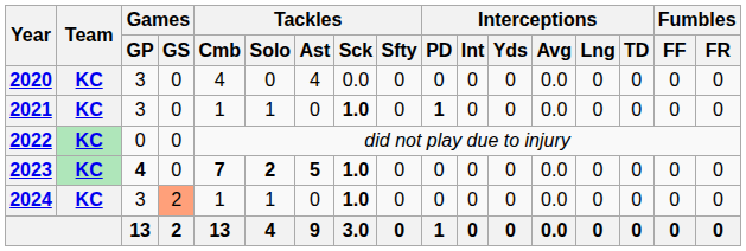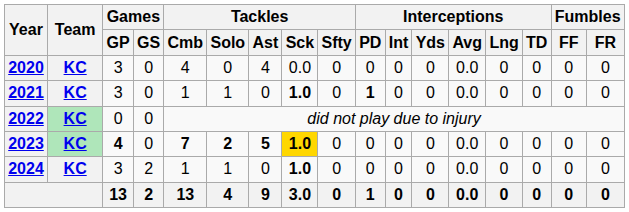 <table class="wikitable" style="text-align:center;">
 <tr>
 <th rowspan="2">Year</th>
 <th rowspan="2">Team</th>
 <th colspan="2">Games</th>
 <th colspan="5">Tackles</th>
 <th colspan="6">Interceptions</th>
 <th colspan="2">Fumbles</th>
 </tr>
 <tr>
 <th>GP</th>
 <th>GS</th>
 <th>Cmb</th>
 <th>Solo</th>
 <th>Ast</th>
 <th>Sck</th>
 <th>Sfty</th>
 <th>PD</th>
 <th>Int</th>
 <th>Yds</th>
 <th>Avg</th>
 <th>Lng</th>
 <th>TD</th>
 <th>FF</th>
 <th>FR</th>
 </tr>
 <tr>
 <th><a href='#'>2020</a></th>
 <th><a href='#'>KC</a></th>
 <td>3</td>
 <td>0</td>
 <td>4</td>
 <td>0</td>
 <td>4</td>
 <td>0.0</td>
 <td>0</td>
 <td>0</td>
 <td>0</td>
 <td>0</td>
 <td>0.0</td>
 <td>0</td>
 <td>0</td>
 <td>0</td>
 <td>0</td>
 </tr>
 <tr>
 <th><a href='#'>2021</a></th>
 <th><a href='#'>KC</a></th>
 <td>3</td>
 <td>0</td>
 <td>1</td>
 <td>1</td>
 <td>0</td>
 <td><strong>1.0</strong></td>
 <td>0</td>
 <td><strong>1</strong></td>
 <td>0</td>
 <td>0</td>
 <td>0.0</td>
 <td>0</td>
 <td>0</td>
 <td>0</td>
 <td>0</td>
 </tr>
 <tr>
 <th><a href='#'>2022</a></th>
 <th style="background:#afe6ba; width:3em;"><a href='#'>KC</a></th>
 <td>0</td>
 <td>0</td>
 <td colspan="13"><em>did not play due to injury</em></td>
 </tr>
 <tr>
 <th><a href='#'>2023</a></th>
 <th style="background:#afe6ba; width:3em;"><a href='#'>KC</a></th>
 <td><strong>4</strong></td>
 <td>0</td>
 <td><strong>7</strong></td>
 <td><strong>2</strong></td>
 <td><strong>5</strong></td>
-<td><strong>1.0</strong></td>
+<td style="background: gold;"><strong>1.0</strong></td>
 <td>0</td>
 <td>0</td>
 <td>0</td>
 <td>0</td>
 <td>0.0</td>
 <td>0</td>
 <td>0</td>
 <td>0</td>
 <td>0</td>
 </tr>
 <tr>
 <th><a href='#'>2024</a></th>
 <th><a href='#'>KC</a></th>
 <td>3</td>
-<td style="background: lightsalmon;">2</td>
+<td>2</td>
 <td>1</td>
 <td>1</td>
 <td>0</td>
 <td><strong>1.0</strong></td>
 <td>0</td>
 <td>0</td>
 <td>0</td>
 <td>0</td>
 <td>0.0</td>
 <td>0</td>
 <td>0</td>
 <td>0</td>
 <td>0</td>
 </tr>
 <tr>
 <th colspan="2"></th>
 <th>13</th>
 <th>2</th>
 <th>13</th>
 <th>4</th>
 <th>9</th>
 <th>3.0</th>
 <th>0</th>
 <th>1</th>
 <th>0</th>
 <th>0</th>
 <th>0.0</th>
 <th>0</th>
 <th>0</th>
 <th>0</th>
 <th>0</th>
 </tr>
 </table>
